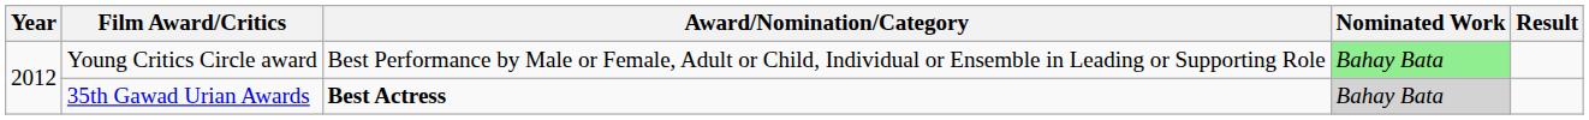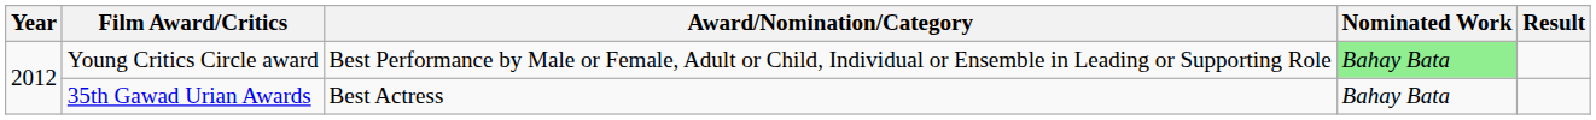 <table class="wikitable">
 <tr>
 <th>Year</th>
 <th>Film Award/Critics</th>
 <th>Award/Nomination/Category</th>
 <th>Nominated Work</th>
 <th>Result</th>
 </tr>
 <tr>
 <td rowspan="2">2012</td>
 <td>Young Critics Circle award</td>
 <td>Best Performance by Male or Female, Adult or Child, Individual or Ensemble in Leading or Supporting Role</td>
 <td style="background: lightgreen;"><em>Bahay Bata</em></td>
 <td></td>
 </tr>
 <tr>
 <td><a href='#'>35th Gawad Urian Awards</a></td>
-<td><strong>Best Actress</strong></td>
-<td style="background: lightgrey;"><em>Bahay Bata</em></td>
+<td>Best Actress</td>
+<td><em>Bahay Bata</em></td>
 <td></td>
 </tr>
 </table>
